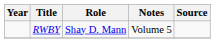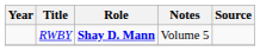 <table class="wikitable sortable plainrowheaders">
 <tr>
 <th>Year</th>
 <th>Title</th>
 <th>Role</th>
 <th class="unsortable">Notes</th>
 <th class="unsortable">Source</th>
 </tr>
 <tr>
 <td></td>
 <td><em><a href='#'>RWBY</a></em></td>
-<td><a href='#'>Shay D. Mann</a></td>
+<td><strong><a href='#'>Shay D. Mann</a></strong></td>
 <td>Volume 5</td>
 <td></td>
 </tr>
 <tr>
 </tr>
 </table>
